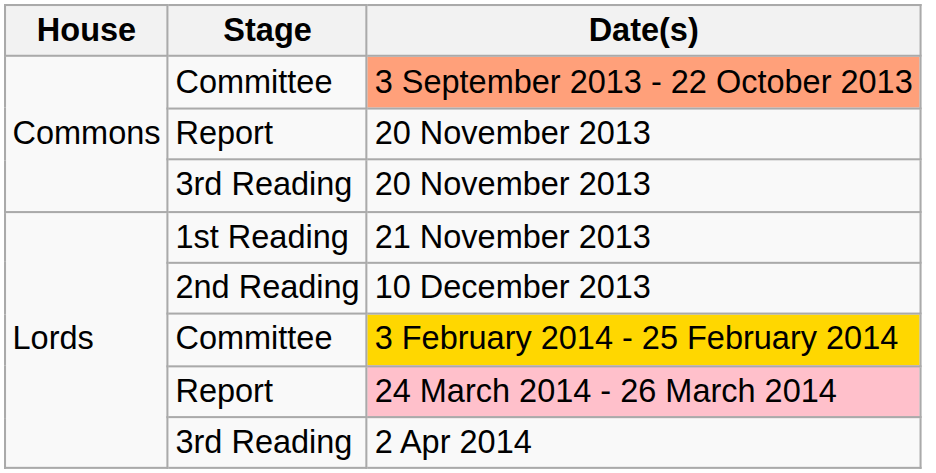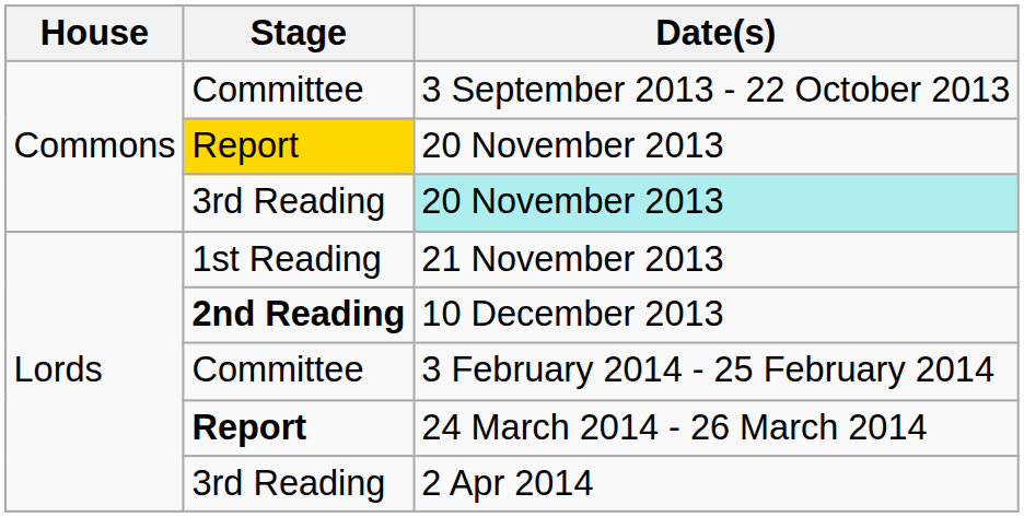 <table class="wikitable">
 <tr>
 <th>House</th>
 <th>Stage</th>
 <th>Date(s)</th>
 </tr>
 <tr>
 <td rowspan ="3">Commons</td>
 <td>Committee</td>
-<td style="background: lightsalmon;">3 September 2013 - 22 October 2013</td>
+<td>3 September 2013 - 22 October 2013</td>
 </tr>
 <tr>
-<td>Report</td>
+<td style="background: gold;">Report</td>
 <td>20 November 2013</td>
 </tr>
 <tr>
 <td>3rd Reading</td>
-<td>20 November 2013</td>
+<td style="background: paleturquoise;">20 November 2013</td>
 </tr>
 <tr>
 <td rowspan ="5">Lords</td>
 <td>1st Reading</td>
 <td>21 November 2013</td>
 </tr>
 <tr>
-<td>2nd Reading</td>
+<td><strong>2nd Reading</strong></td>
 <td>10 December 2013</td>
 </tr>
 <tr>
 <td>Committee</td>
-<td style="background: gold;">3 February 2014 - 25 February 2014</td>
+<td>3 February 2014 - 25 February 2014</td>
 </tr>
 <tr>
-<td>Report</td>
-<td style="background: pink;">24 March 2014 - 26 March 2014</td>
+<td><strong>Report</strong></td>
+<td>24 March 2014 - 26 March 2014</td>
 </tr>
 <tr>
 <td>3rd Reading</td>
 <td>2 Apr 2014</td>
 </tr>
 </table>
